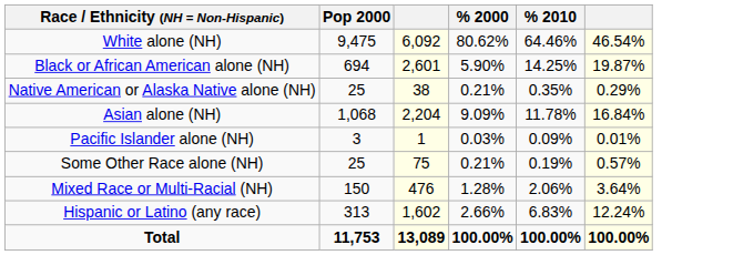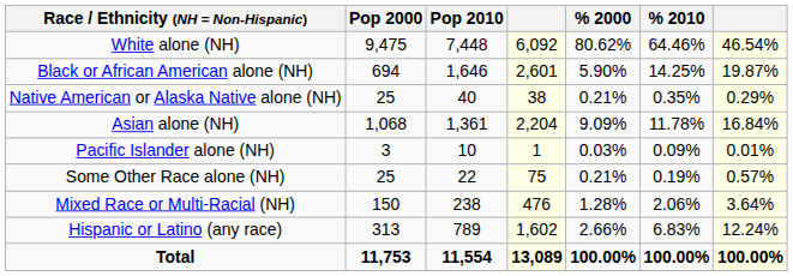 <table class="wikitable" style="text-align:center;">
 <tr>
 <th>Race / Ethnicity <small>(<em>NH = Non-Hispanic</em>)</small></th>
 <th>Pop 2000</th>
+<th>Pop 2010</th>
 <th></th>
 <th>% 2000</th>
 <th>% 2010</th>
 <th></th>
 </tr>
 <tr>
 <td><a href='#'>White</a> alone (NH)</td>
 <td>9,475</td>
+<td>7,448</td>
 <td style='background: #ffffe6;'>6,092</td>
 <td>80.62%</td>
 <td>64.46%</td>
 <td style='background: #ffffe6;'>46.54%</td>
 </tr>
 <tr>
 <td><a href='#'>Black or African American</a> alone (NH)</td>
 <td>694</td>
+<td>1,646</td>
 <td style='background: #ffffe6;'>2,601</td>
 <td>5.90%</td>
 <td>14.25%</td>
 <td style='background: #ffffe6;'>19.87%</td>
 </tr>
 <tr>
 <td><a href='#'>Native American</a> or <a href='#'>Alaska Native</a> alone (NH)</td>
 <td>25</td>
+<td>40</td>
 <td style='background: #ffffe6;'>38</td>
 <td>0.21%</td>
 <td>0.35%</td>
 <td style='background: #ffffe6;'>0.29%</td>
 </tr>
 <tr>
 <td><a href='#'>Asian</a> alone (NH)</td>
 <td>1,068</td>
+<td>1,361</td>
 <td style='background: #ffffe6;'>2,204</td>
 <td>9.09%</td>
 <td>11.78%</td>
 <td style='background: #ffffe6;'>16.84%</td>
 </tr>
 <tr>
 <td><a href='#'>Pacific Islander</a> alone (NH)</td>
 <td>3</td>
+<td>10</td>
 <td style='background: #ffffe6;'>1</td>
 <td>0.03%</td>
 <td>0.09%</td>
 <td style='background: #ffffe6;'>0.01%</td>
 </tr>
 <tr>
 <td>Some Other Race alone (NH)</td>
 <td>25</td>
+<td>22</td>
 <td style='background: #ffffe6;'>75</td>
 <td>0.21%</td>
 <td>0.19%</td>
 <td style='background: #ffffe6;'>0.57%</td>
 </tr>
 <tr>
 <td><a href='#'>Mixed Race or Multi-Racial</a> (NH)</td>
 <td>150</td>
+<td>238</td>
 <td style='background: #ffffe6;'>476</td>
 <td>1.28%</td>
 <td>2.06%</td>
 <td style='background: #ffffe6;'>3.64%</td>
 </tr>
 <tr>
 <td><a href='#'>Hispanic or Latino</a> (any race)</td>
 <td>313</td>
+<td>789</td>
 <td style='background: #ffffe6;'>1,602</td>
 <td>2.66%</td>
 <td>6.83%</td>
 <td style='background: #ffffe6;'>12.24%</td>
 </tr>
 <tr>
 <td><strong>Total</strong></td>
 <td><strong>11,753</strong></td>
+<td><strong>11,554</strong></td>
 <td style='background: #ffffe6;'><strong>13,089</strong></td>
 <td><strong>100.00%</strong></td>
 <td><strong>100.00%</strong></td>
 <td style='background: #ffffe6;'><strong>100.00%</strong></td>
 </tr>
 </table>
